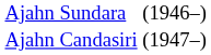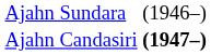 <table>
 <tr>
 <td><a href='#'>Ajahn Sundara</a></td>
 <td>(1946–)</td>
 </tr>
 <tr>
 <td><a href='#'>Ajahn Candasiri</a></td>
-<td>(1947–)</td>
+<td><strong>(1947–)</strong></td>
 </tr>
 </table>
